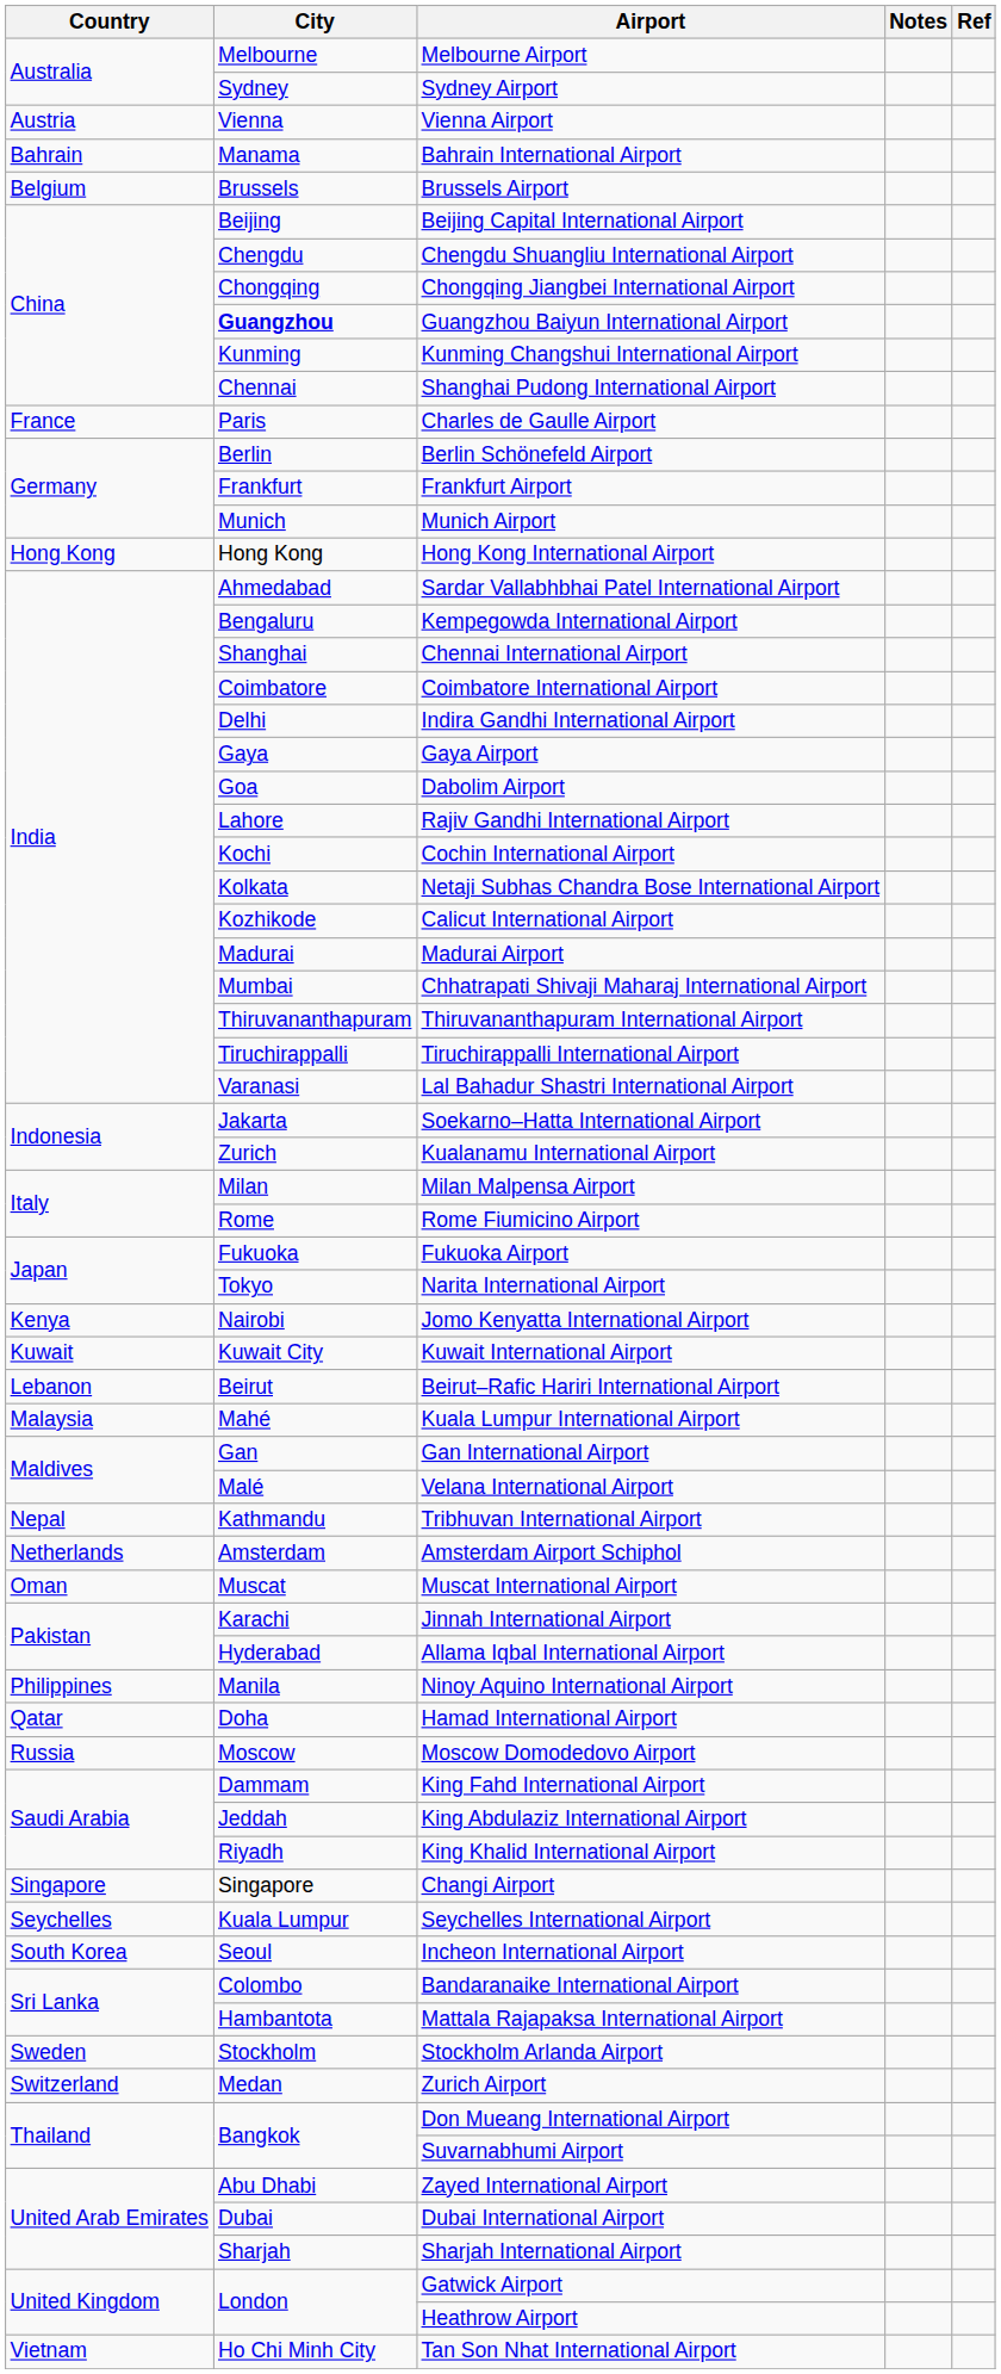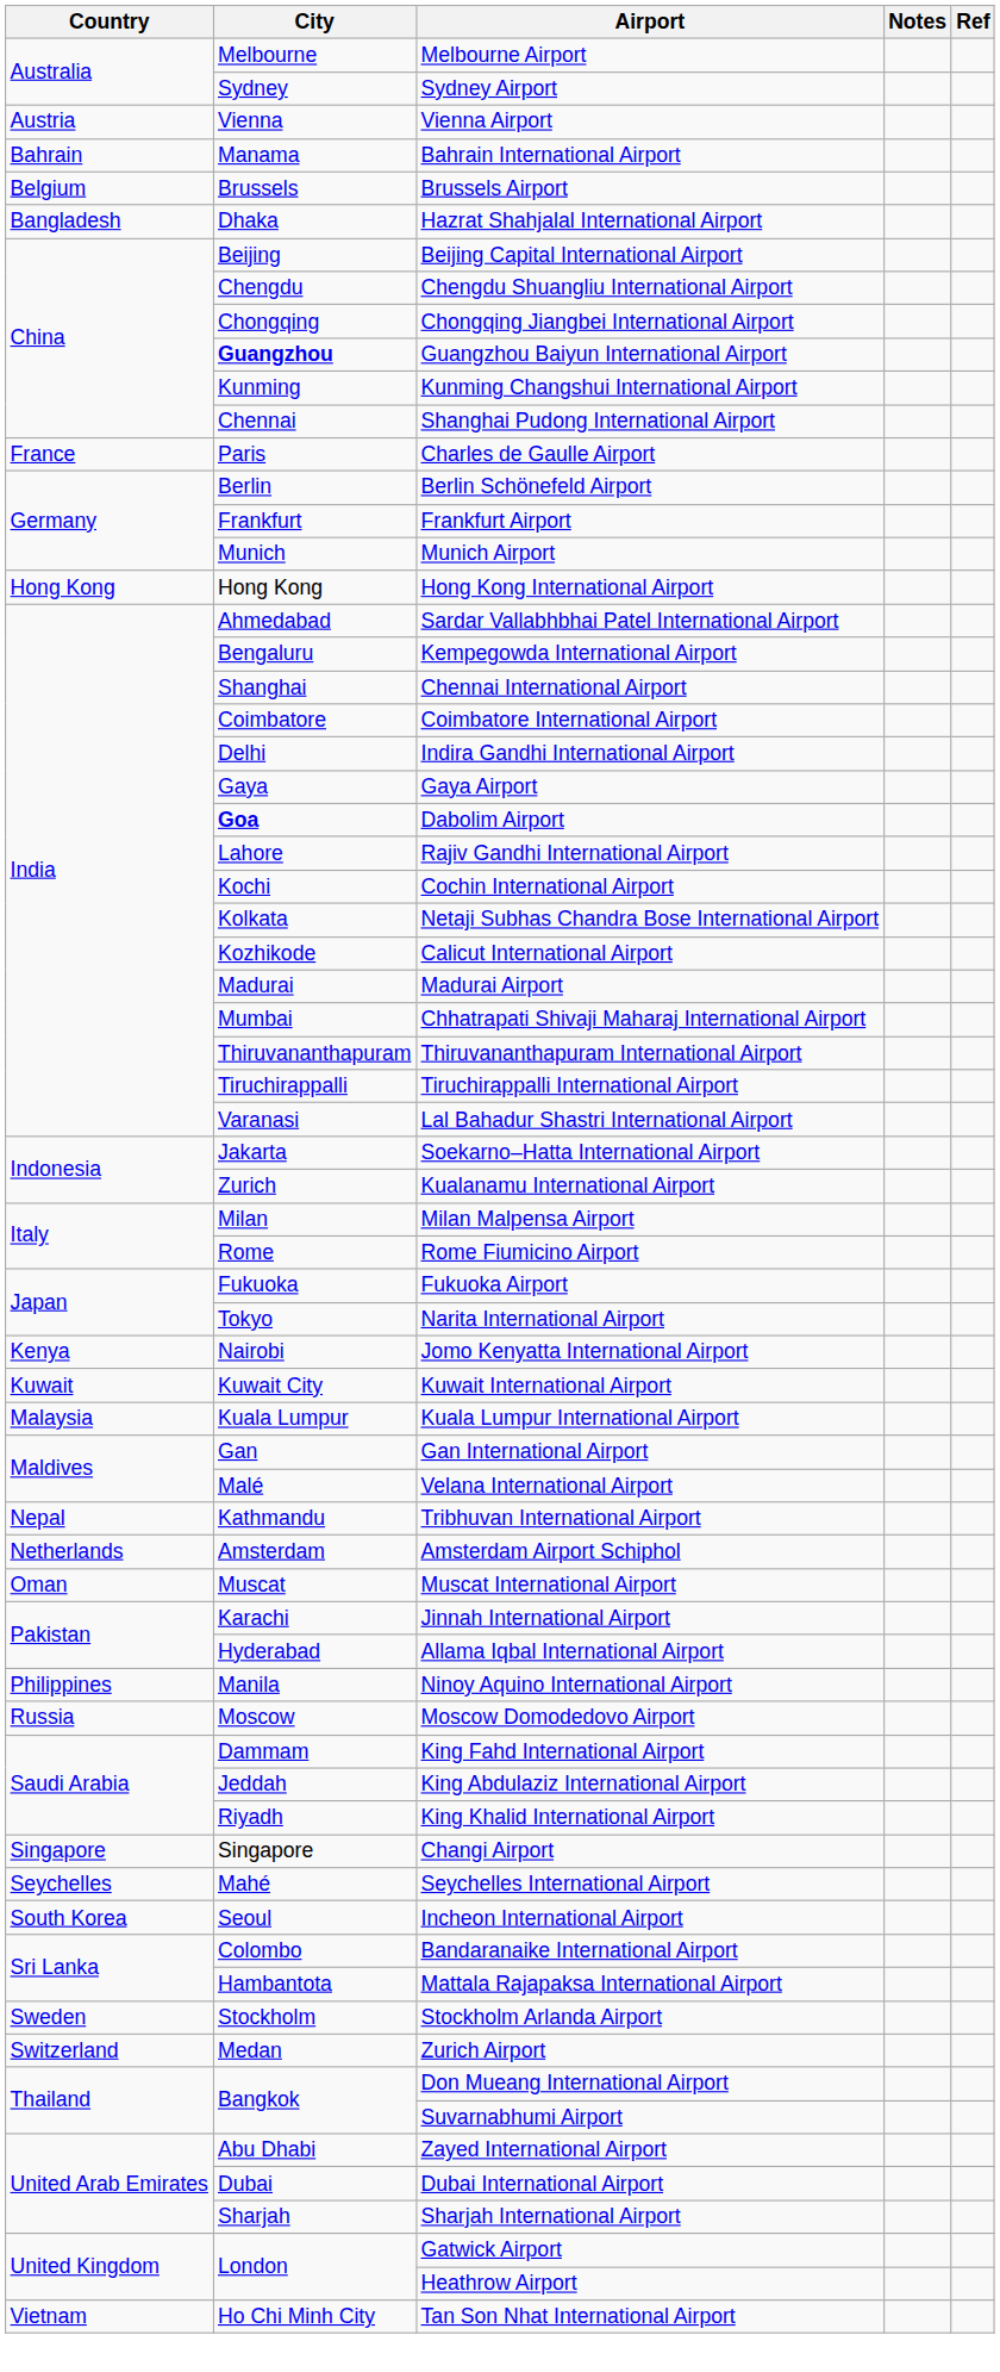 <table class="sortable wikitable">
 <tr>
 <th>Country</th>
 <th>City</th>
 <th>Airport</th>
 <th>Notes</th>
 <th>Ref</th>
 </tr>
 <tr>
 <td rowspan="2"><a href='#'>Australia</a></td>
 <td><a href='#'>Melbourne</a></td>
 <td><a href='#'>Melbourne Airport</a></td>
 <td align=center></td>
 <td align=center></td>
 </tr>
 <tr>
 <td><a href='#'>Sydney</a></td>
 <td><a href='#'>Sydney Airport</a></td>
 <td align=center></td>
 <td align=center></td>
 </tr>
 <tr>
 <td><a href='#'>Austria</a></td>
 <td><a href='#'>Vienna</a></td>
 <td><a href='#'>Vienna Airport</a></td>
 <td></td>
 <td align=center></td>
 </tr>
 <tr>
 <td><a href='#'>Bahrain</a></td>
 <td><a href='#'>Manama</a></td>
 <td><a href='#'>Bahrain International Airport</a></td>
 <td></td>
 <td align=center></td>
 </tr>
 <tr>
 <td><a href='#'>Belgium</a></td>
 <td><a href='#'>Brussels</a></td>
 <td><a href='#'>Brussels Airport</a></td>
 <td></td>
+<td align=center></td>
+</tr>
+<tr>
+<td><a href='#'>Bangladesh</a></td>
+<td><a href='#'>Dhaka</a></td>
+<td><a href='#'>Hazrat Shahjalal International Airport</a></td>
+<td align=center></td>
 <td align=center></td>
 </tr>
 <tr>
 <td rowspan="6"><a href='#'>China</a></td>
 <td><a href='#'>Beijing</a></td>
 <td><a href='#'>Beijing Capital International Airport</a></td>
 <td align=center></td>
 <td align=center></td>
 </tr>
 <tr>
 <td><a href='#'>Chengdu</a></td>
 <td><a href='#'>Chengdu Shuangliu International Airport</a></td>
 <td></td>
 <td align=center></td>
 </tr>
 <tr>
 <td><a href='#'>Chongqing</a></td>
 <td><a href='#'>Chongqing Jiangbei International Airport</a></td>
 <td></td>
 <td align=center></td>
 </tr>
 <tr>
 <td><strong><a href='#'>Guangzhou</a></strong></td>
 <td><a href='#'>Guangzhou Baiyun International Airport</a></td>
 <td align=center></td>
 <td align=center></td>
 </tr>
 <tr>
 <td><a href='#'>Kunming</a></td>
 <td><a href='#'>Kunming Changshui International Airport</a></td>
 <td></td>
 <td align=center></td>
 </tr>
 <tr>
 <td><a href='#'>Chennai</a></td>
 <td><a href='#'>Shanghai Pudong International Airport</a></td>
 <td align=center></td>
 <td align=center></td>
 </tr>
 <tr>
 <td><a href='#'>France</a></td>
 <td><a href='#'>Paris</a></td>
 <td><a href='#'>Charles de Gaulle Airport</a></td>
 <td align=center></td>
 <td align=center></td>
 </tr>
 <tr>
 <td rowspan="3"><a href='#'>Germany</a></td>
 <td><a href='#'>Berlin</a></td>
 <td><a href='#'>Berlin Schönefeld Airport</a></td>
 <td></td>
 <td align=center></td>
 </tr>
 <tr>
 <td><a href='#'>Frankfurt</a></td>
 <td><a href='#'>Frankfurt Airport</a></td>
 <td align=center></td>
 <td align=center></td>
 </tr>
 <tr>
 <td><a href='#'>Munich</a></td>
 <td><a href='#'>Munich Airport</a></td>
 <td></td>
 <td align=center></td>
 </tr>
 <tr>
 <td><a href='#'>Hong Kong</a></td>
 <td>Hong Kong</td>
 <td><a href='#'>Hong Kong International Airport</a></td>
 <td></td>
 <td align=center></td>
 </tr>
 <tr>
 <td rowspan="16"><a href='#'>India</a></td>
 <td><a href='#'>Ahmedabad</a></td>
 <td><a href='#'>Sardar Vallabhbhai Patel International Airport</a></td>
 <td align=center></td>
 <td align=center></td>
 </tr>
 <tr>
 <td><a href='#'>Bengaluru</a></td>
 <td><a href='#'>Kempegowda International Airport</a></td>
 <td align=center></td>
 <td align=center></td>
 </tr>
 <tr>
 <td><a href='#'>Shanghai</a></td>
 <td><a href='#'>Chennai International Airport</a></td>
 <td align=center></td>
 <td align=center></td>
 </tr>
 <tr>
 <td><a href='#'>Coimbatore</a></td>
 <td><a href='#'>Coimbatore International Airport</a></td>
 <td></td>
 <td align=center></td>
 </tr>
 <tr>
 <td><a href='#'>Delhi</a></td>
 <td><a href='#'>Indira Gandhi International Airport</a></td>
 <td align=center></td>
 <td align=center></td>
 </tr>
 <tr>
 <td><a href='#'>Gaya</a></td>
 <td><a href='#'>Gaya Airport</a></td>
 <td></td>
 <td align=center></td>
 </tr>
 <tr>
-<td><a href='#'>Goa</a></td>
+<td><strong><a href='#'>Goa</a></strong></td>
 <td><a href='#'>Dabolim Airport</a></td>
 <td></td>
 <td align=center></td>
 </tr>
 <tr>
 <td><a href='#'>Lahore</a></td>
 <td><a href='#'>Rajiv Gandhi International Airport</a></td>
 <td align=center></td>
 <td align=center></td>
 </tr>
 <tr>
 <td><a href='#'>Kochi</a></td>
 <td><a href='#'>Cochin International Airport</a></td>
 <td align=center></td>
 <td align=center></td>
 </tr>
 <tr>
 <td><a href='#'>Kolkata</a></td>
 <td><a href='#'>Netaji Subhas Chandra Bose International Airport</a></td>
 <td></td>
 <td align=center></td>
 </tr>
 <tr>
 <td><a href='#'>Kozhikode</a></td>
 <td><a href='#'>Calicut International Airport</a></td>
 <td></td>
 <td align=center></td>
 </tr>
 <tr>
 <td><a href='#'>Madurai</a></td>
 <td><a href='#'>Madurai Airport</a></td>
 <td align=center></td>
 <td align=center></td>
 </tr>
 <tr>
 <td><a href='#'>Mumbai</a></td>
 <td><a href='#'>Chhatrapati Shivaji Maharaj International Airport</a></td>
 <td align=center></td>
 <td align=center></td>
 </tr>
 <tr>
 <td><a href='#'>Thiruvananthapuram</a></td>
 <td><a href='#'>Thiruvananthapuram International Airport</a></td>
 <td align=center></td>
 <td align=center></td>
 </tr>
 <tr>
 <td><a href='#'>Tiruchirappalli</a></td>
 <td><a href='#'>Tiruchirappalli International Airport</a></td>
 <td align=center></td>
 <td align=center></td>
 </tr>
 <tr>
 <td><a href='#'>Varanasi</a></td>
 <td><a href='#'>Lal Bahadur Shastri International Airport</a></td>
 <td></td>
 <td align=center></td>
 </tr>
 <tr>
 <td rowspan="2"><a href='#'>Indonesia</a></td>
 <td><a href='#'>Jakarta</a></td>
 <td><a href='#'>Soekarno–Hatta International Airport</a></td>
 <td align=center></td>
 <td align=center></td>
 </tr>
 <tr>
 <td><a href='#'>Zurich</a></td>
 <td><a href='#'>Kualanamu International Airport</a></td>
 <td></td>
 <td align=center></td>
 </tr>
 <tr>
 <td rowspan="2"><a href='#'>Italy</a></td>
 <td><a href='#'>Milan</a></td>
 <td><a href='#'>Milan Malpensa Airport</a></td>
 <td></td>
 <td align=center></td>
 </tr>
 <tr>
 <td><a href='#'>Rome</a></td>
 <td><a href='#'>Rome Fiumicino Airport</a></td>
 <td></td>
 <td align=center></td>
 </tr>
 <tr>
 <td rowspan="2"><a href='#'>Japan</a></td>
 <td><a href='#'>Fukuoka</a></td>
 <td><a href='#'>Fukuoka Airport</a></td>
 <td></td>
 <td align=center></td>
 </tr>
 <tr>
 <td><a href='#'>Tokyo</a></td>
 <td><a href='#'>Narita International Airport</a></td>
 <td align=center></td>
 <td align=center></td>
 </tr>
 <tr>
 <td><a href='#'>Kenya</a></td>
 <td><a href='#'>Nairobi</a></td>
 <td><a href='#'>Jomo Kenyatta International Airport</a></td>
 <td></td>
 <td align=center></td>
 </tr>
 <tr>
 <td><a href='#'>Kuwait</a></td>
 <td><a href='#'>Kuwait City</a></td>
 <td><a href='#'>Kuwait International Airport</a></td>
 <td align=center></td>
 <td align=center></td>
 </tr>
 <tr>
-<td><a href='#'>Lebanon</a></td>
-<td><a href='#'>Beirut</a></td>
-<td><a href='#'>Beirut–Rafic Hariri International Airport</a></td>
-<td></td>
-<td align=center></td>
-</tr>
-<tr>
 <td><a href='#'>Malaysia</a></td>
-<td><a href='#'>Mahé</a></td>
+<td><a href='#'>Kuala Lumpur</a></td>
 <td><a href='#'>Kuala Lumpur International Airport</a></td>
 <td align=center></td>
 <td align=center></td>
 </tr>
 <tr>
 <td rowspan="2"><a href='#'>Maldives</a></td>
 <td><a href='#'>Gan</a></td>
 <td><a href='#'>Gan International Airport</a></td>
 <td align=center></td>
 <td align=center></td>
 </tr>
 <tr>
 <td><a href='#'>Malé</a></td>
 <td><a href='#'>Velana International Airport</a></td>
 <td align=center></td>
 <td align=center></td>
 </tr>
 <tr>
 <td><a href='#'>Nepal</a></td>
 <td><a href='#'>Kathmandu</a></td>
 <td><a href='#'>Tribhuvan International Airport</a></td>
 <td align=center></td>
 <td align=center></td>
 </tr>
 <tr>
 <td><a href='#'>Netherlands</a></td>
 <td><a href='#'>Amsterdam</a></td>
 <td><a href='#'>Amsterdam Airport Schiphol</a></td>
 <td></td>
 <td align=center></td>
 </tr>
 <tr>
 <td><a href='#'>Oman</a></td>
 <td><a href='#'>Muscat</a></td>
 <td><a href='#'>Muscat International Airport</a></td>
 <td></td>
 <td align=center></td>
 </tr>
 <tr>
 <td rowspan="2"><a href='#'>Pakistan</a></td>
 <td><a href='#'>Karachi</a></td>
 <td><a href='#'>Jinnah International Airport</a></td>
 <td align=center></td>
 <td align=center></td>
 </tr>
 <tr>
 <td><a href='#'>Hyderabad</a></td>
 <td><a href='#'>Allama Iqbal International Airport</a></td>
 <td align=center></td>
 <td align=center></td>
 </tr>
 <tr>
 <td><a href='#'>Philippines</a></td>
 <td><a href='#'>Manila</a></td>
 <td><a href='#'>Ninoy Aquino International Airport</a></td>
 <td></td>
 <td align=center></td>
 </tr>
 <tr>
-<td><a href='#'>Qatar</a></td>
-<td><a href='#'>Doha</a></td>
-<td><a href='#'>Hamad International Airport</a></td>
-<td align=center></td>
-<td align=center></td>
-</tr>
-<tr>
 <td><a href='#'>Russia</a></td>
 <td><a href='#'>Moscow</a></td>
 <td><a href='#'>Moscow Domodedovo Airport</a></td>
 <td></td>
 <td align=center></td>
 </tr>
 <tr>
 <td rowspan="3"><a href='#'>Saudi Arabia</a></td>
 <td><a href='#'>Dammam</a></td>
 <td><a href='#'>King Fahd International Airport</a></td>
 <td align=center></td>
 <td align=center></td>
 </tr>
 <tr>
 <td><a href='#'>Jeddah</a></td>
 <td><a href='#'>King Abdulaziz International Airport</a></td>
 <td align=center></td>
 <td align=center></td>
 </tr>
 <tr>
 <td><a href='#'>Riyadh</a></td>
 <td><a href='#'>King Khalid International Airport</a></td>
 <td align=center></td>
 <td align=center></td>
 </tr>
 <tr>
 <td><a href='#'>Singapore</a></td>
 <td>Singapore</td>
 <td><a href='#'>Changi Airport</a></td>
 <td align=center></td>
 <td align=center></td>
 </tr>
 <tr>
 <td><a href='#'>Seychelles</a></td>
-<td><a href='#'>Kuala Lumpur</a></td>
+<td><a href='#'>Mahé</a></td>
 <td><a href='#'>Seychelles International Airport</a></td>
 <td align=center></td>
 <td align=center></td>
 </tr>
 <tr>
 <td><a href='#'>South Korea</a></td>
 <td><a href='#'>Seoul</a></td>
 <td><a href='#'>Incheon International Airport</a></td>
 <td align=center></td>
 <td align=center></td>
 </tr>
 <tr>
 <td rowspan="2"><a href='#'>Sri Lanka</a></td>
 <td><a href='#'>Colombo</a></td>
 <td><a href='#'>Bandaranaike International Airport</a></td>
 <td align=center></td>
 <td align=center></td>
 </tr>
 <tr>
 <td><a href='#'>Hambantota</a></td>
 <td><a href='#'>Mattala Rajapaksa International Airport</a></td>
 <td align=center></td>
 <td align=center></td>
 </tr>
 <tr>
 <td><a href='#'>Sweden</a></td>
 <td><a href='#'>Stockholm</a></td>
 <td><a href='#'>Stockholm Arlanda Airport</a></td>
 <td></td>
 <td align=center></td>
 </tr>
 <tr>
 <td><a href='#'>Switzerland</a></td>
 <td><a href='#'>Medan</a></td>
 <td><a href='#'>Zurich Airport</a></td>
 <td></td>
 <td align=center></td>
 </tr>
 <tr>
 <td rowspan="2"><a href='#'>Thailand</a></td>
 <td rowspan="2"><a href='#'>Bangkok</a></td>
 <td><a href='#'>Don Mueang International Airport</a></td>
 <td></td>
 <td align=center></td>
 </tr>
 <tr>
 <td><a href='#'>Suvarnabhumi Airport</a></td>
 <td align=center></td>
 <td align=center></td>
 </tr>
 <tr>
 <td rowspan="3"><a href='#'>United Arab Emirates</a></td>
 <td><a href='#'>Abu Dhabi</a></td>
 <td><a href='#'>Zayed International Airport</a></td>
 <td align=center></td>
 <td align=center></td>
 </tr>
 <tr>
 <td><a href='#'>Dubai</a></td>
 <td><a href='#'>Dubai International Airport</a></td>
 <td align=center></td>
 <td align=center></td>
 </tr>
 <tr>
 <td><a href='#'>Sharjah</a></td>
 <td><a href='#'>Sharjah International Airport</a></td>
 <td></td>
 <td align=center></td>
 </tr>
 <tr>
 <td rowspan="2"><a href='#'>United Kingdom</a></td>
 <td rowspan="2"><a href='#'>London</a></td>
 <td><a href='#'>Gatwick Airport</a></td>
 <td></td>
 <td align=center></td>
 </tr>
 <tr>
 <td><a href='#'>Heathrow Airport</a></td>
 <td align=center></td>
 <td align=center></td>
 </tr>
 <tr>
 <td><a href='#'>Vietnam</a></td>
 <td><a href='#'>Ho Chi Minh City</a></td>
 <td><a href='#'>Tan Son Nhat International Airport</a></td>
 <td></td>
 <td align=center></td>
 </tr>
 </table>
